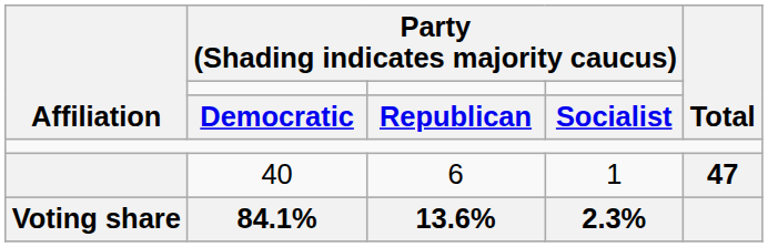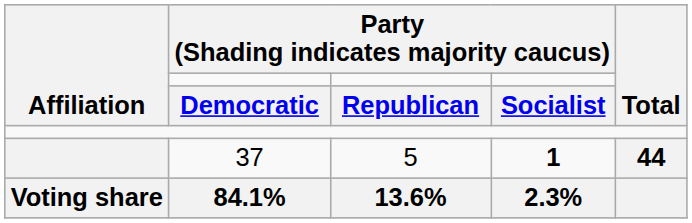 <table class=wikitable style="text-align:center">
 <tr style="vertical-align:bottom;">
 <th rowspan=3>Affiliation</th>
 <th colspan=3>Party <div>(Shading indicates majority caucus)</div></th>
 <th rowspan=3>Total</th>
 </tr>
 <tr style="height:5px">
 <td style="background-color:"></td>
 <td style="background-color:"></td>
 <td style="background-color:"></td>
 </tr>
 <tr>
 <th><a href='#'>Democratic</a></th>
 <th><a href='#'>Republican</a></th>
 <th><a href='#'>Socialist</a></th>
 </tr>
 <tr>
 <td colspan=5></td>
 </tr>
 <tr>
 <th nowrap style="font-size:80%"></th>
-<td>40</td>
-<td>6</td>
-<td>1</td>
-<th>47</th>
+<td>37</td>
+<td>5</td>
+<td><strong>1</strong></td>
+<th>44</th>
 </tr>
 <tr>
 <th>Voting share</th>
 <th>84.1%</th>
 <th>13.6%</th>
 <th>2.3%</th>
 <th colspan=3></th>
 </tr>
 </table>
